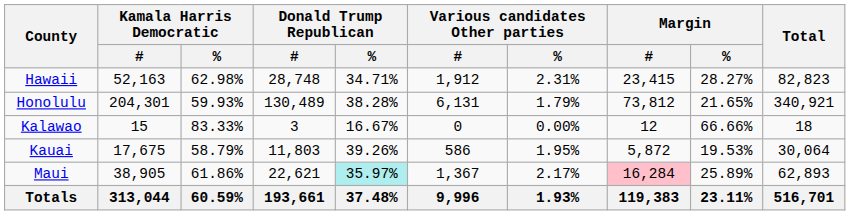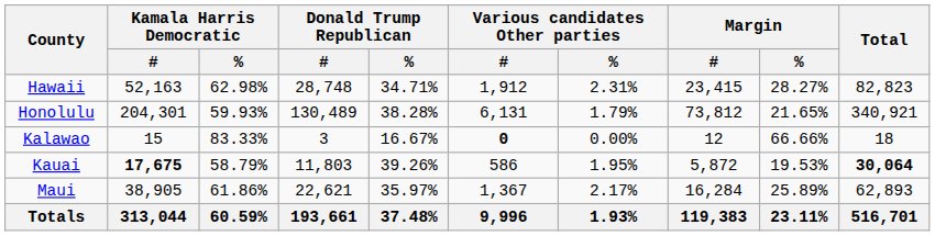 <table width="60%"  class="wikitable sortable" style="text-align:center">
 <tr>
 <th style="text-align:center;" rowspan="2">County</th>
 <th style="text-align:center;" colspan="2">Kamala Harris<br>Democratic</th>
 <th style="text-align:center;" colspan="2">Donald Trump<br>Republican</th>
 <th style="text-align:center;" colspan="2">Various candidates<br>Other parties</th>
 <th style="text-align:center;" colspan="2">Margin</th>
 <th style="text-align:center;" rowspan="2">Total</th>
 </tr>
 <tr>
 <th style="text-align:center;" data-sort-type="number">#</th>
 <th style="text-align:center;" data-sort-type="number">%</th>
 <th style="text-align:center;" data-sort-type="number">#</th>
 <th style="text-align:center;" data-sort-type="number">%</th>
 <th style="text-align:center;" data-sort-type="number">#</th>
 <th style="text-align:center;" data-sort-type="number">%</th>
 <th style="text-align:center;" data-sort-type="number">#</th>
 <th style="text-align:center;" data-sort-type="number">%</th>
 </tr>
 <tr style="text-align:center;">
 <td><a href='#'>Hawaii</a></td>
 <td>52,163</td>
 <td>62.98%</td>
 <td>28,748</td>
 <td>34.71%</td>
 <td>1,912</td>
 <td>2.31%</td>
 <td>23,415</td>
 <td>28.27%</td>
 <td>82,823</td>
 </tr>
 <tr style="text-align:center;">
 <td><a href='#'>Honolulu</a></td>
 <td>204,301</td>
 <td>59.93%</td>
 <td>130,489</td>
 <td>38.28%</td>
 <td>6,131</td>
 <td>1.79%</td>
 <td>73,812</td>
 <td>21.65%</td>
 <td>340,921</td>
 </tr>
 <tr style="text-align:center;">
 <td><a href='#'>Kalawao</a></td>
 <td>15</td>
 <td>83.33%</td>
 <td>3</td>
 <td>16.67%</td>
-<td>0</td>
+<td><strong>0</strong></td>
 <td>0.00%</td>
 <td>12</td>
 <td>66.66%</td>
 <td>18</td>
 </tr>
 <tr style="text-align:center;">
 <td><a href='#'>Kauai</a></td>
-<td>17,675</td>
+<td><strong>17,675</strong></td>
 <td>58.79%</td>
 <td>11,803</td>
 <td>39.26%</td>
 <td>586</td>
 <td>1.95%</td>
 <td>5,872</td>
 <td>19.53%</td>
-<td>30,064</td>
+<td><strong>30,064</strong></td>
 </tr>
 <tr style="text-align:center;">
 <td><a href='#'>Maui</a></td>
 <td>38,905</td>
 <td>61.86%</td>
 <td>22,621</td>
-<td style="background: paleturquoise;">35.97%</td>
+<td>35.97%</td>
 <td>1,367</td>
 <td>2.17%</td>
-<td style="background: pink;">16,284</td>
+<td>16,284</td>
 <td>25.89%</td>
 <td>62,893</td>
 </tr>
 <tr>
 <th>Totals</th>
 <th>313,044</th>
 <th>60.59%</th>
 <th>193,661</th>
 <th>37.48%</th>
 <th>9,996</th>
 <th>1.93%</th>
 <th>119,383</th>
 <th>23.11%</th>
 <th>516,701</th>
 </tr>
 </table>
